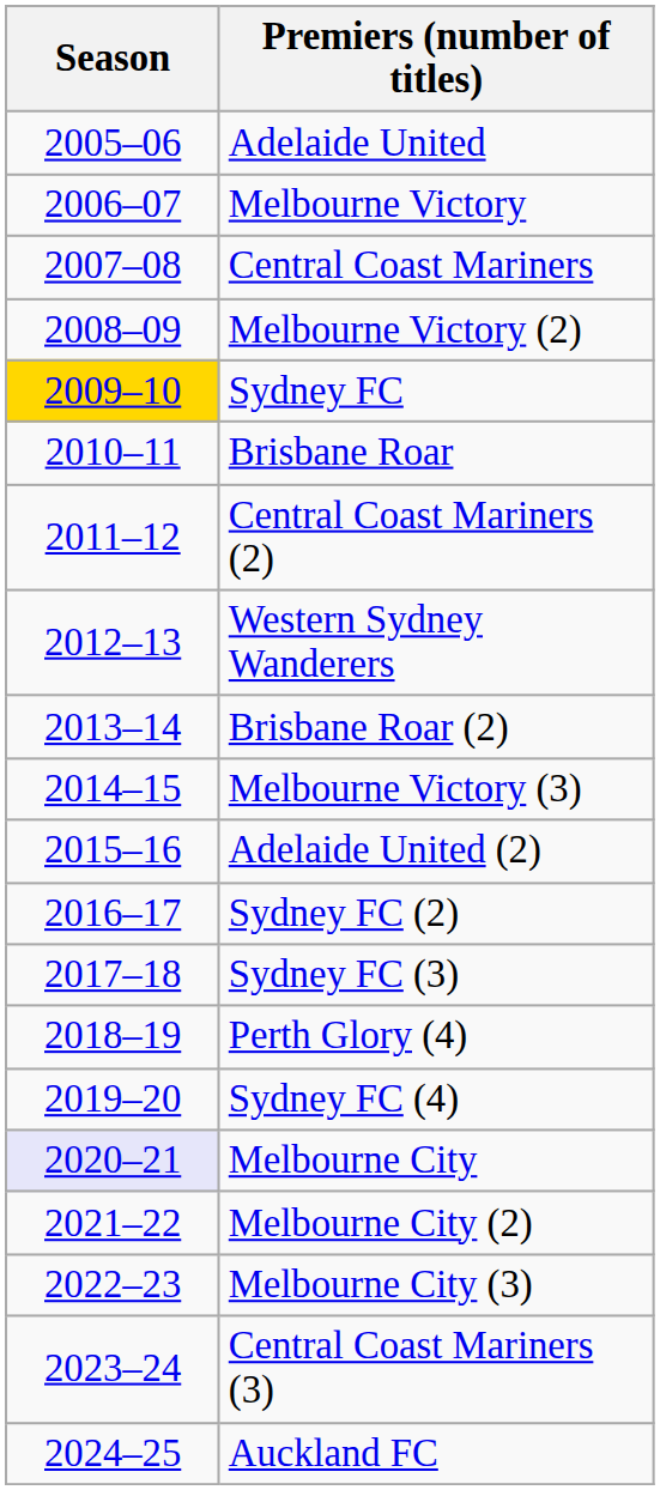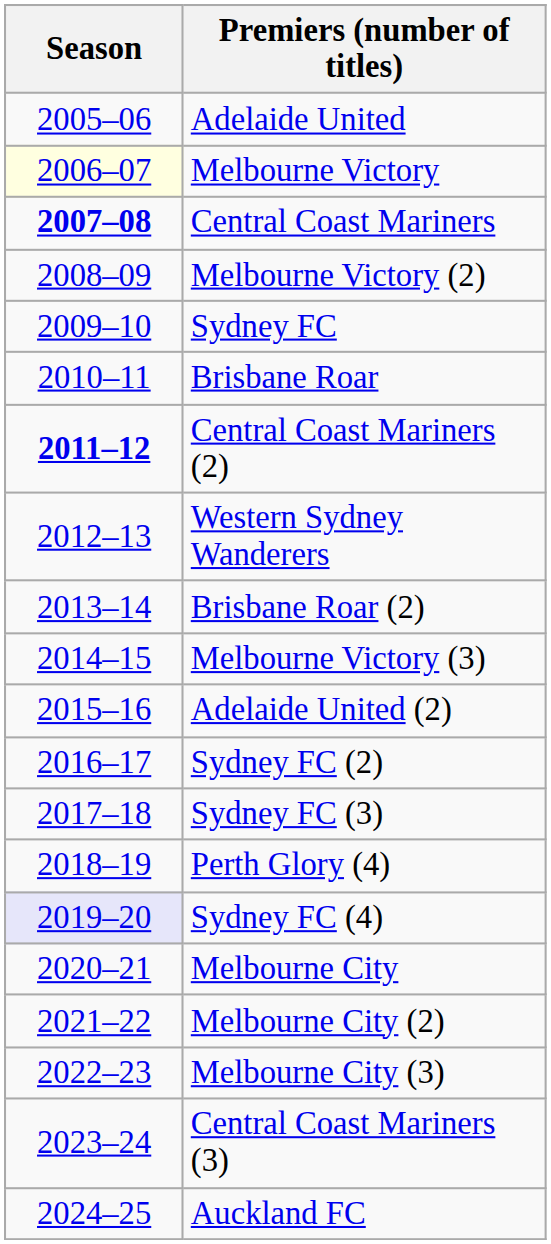 <table class="wikitable sortable">
 <tr>
 <th width="80">Season</th>
 <th width="170">Premiers (number of titles)</th>
 </tr>
 <tr>
 <td align=center><a href='#'>2005–06</a></td>
 <td><a href='#'>Adelaide United</a></td>
 </tr>
 <tr>
-<td align=center><a href='#'>2006–07</a></td>
+<td align=center style="background: lightyellow;"><a href='#'>2006–07</a></td>
 <td><a href='#'>Melbourne Victory</a></td>
 </tr>
 <tr>
-<td align=center><a href='#'>2007–08</a></td>
+<td align=center><strong><a href='#'>2007–08</a></strong></td>
 <td><a href='#'>Central Coast Mariners</a></td>
 </tr>
 <tr>
 <td align=center><a href='#'>2008–09</a></td>
 <td><a href='#'>Melbourne Victory</a> (2)</td>
 </tr>
 <tr>
-<td align=center style="background: gold;"><a href='#'>2009–10</a></td>
+<td align=center><a href='#'>2009–10</a></td>
 <td><a href='#'>Sydney FC</a></td>
 </tr>
 <tr>
 <td align=center><a href='#'>2010–11</a></td>
 <td><a href='#'>Brisbane Roar</a></td>
 </tr>
 <tr>
-<td align=center><a href='#'>2011–12</a></td>
+<td align=center><strong><a href='#'>2011–12</a></strong></td>
 <td><a href='#'>Central Coast Mariners</a> (2)</td>
 </tr>
 <tr>
 <td align=center><a href='#'>2012–13</a></td>
 <td><a href='#'>Western Sydney Wanderers</a></td>
 </tr>
 <tr>
 <td align=center><a href='#'>2013–14</a></td>
 <td><a href='#'>Brisbane Roar</a> (2)</td>
 </tr>
 <tr>
 <td align=center><a href='#'>2014–15</a></td>
 <td><a href='#'>Melbourne Victory</a> (3)</td>
 </tr>
 <tr>
 <td align=center><a href='#'>2015–16</a></td>
 <td><a href='#'>Adelaide United</a> (2)</td>
 </tr>
 <tr>
 <td align=center><a href='#'>2016–17</a></td>
 <td><a href='#'>Sydney FC</a> (2)</td>
 </tr>
 <tr>
 <td align=center><a href='#'>2017–18</a></td>
 <td><a href='#'>Sydney FC</a> (3)</td>
 </tr>
 <tr>
 <td align=center><a href='#'>2018–19</a></td>
 <td><a href='#'>Perth Glory</a> (4)</td>
 </tr>
 <tr>
-<td align=center><a href='#'>2019–20</a></td>
+<td align=center style="background: lavender;"><a href='#'>2019–20</a></td>
 <td><a href='#'>Sydney FC</a> (4)</td>
 </tr>
 <tr>
-<td align=center style="background: lavender;"><a href='#'>2020–21</a></td>
+<td align=center><a href='#'>2020–21</a></td>
 <td><a href='#'>Melbourne City</a></td>
 </tr>
 <tr>
 <td align=center><a href='#'>2021–22</a></td>
 <td><a href='#'>Melbourne City</a> (2)</td>
 </tr>
 <tr>
 <td align=center><a href='#'>2022–23</a></td>
 <td><a href='#'>Melbourne City</a> (3)</td>
 </tr>
 <tr>
 <td align=center><a href='#'>2023–24</a></td>
 <td><a href='#'>Central Coast Mariners</a> (3)</td>
 </tr>
 <tr>
 <td align="center"><a href='#'>2024–25</a></td>
 <td><a href='#'>Auckland FC</a></td>
 </tr>
 </table>
